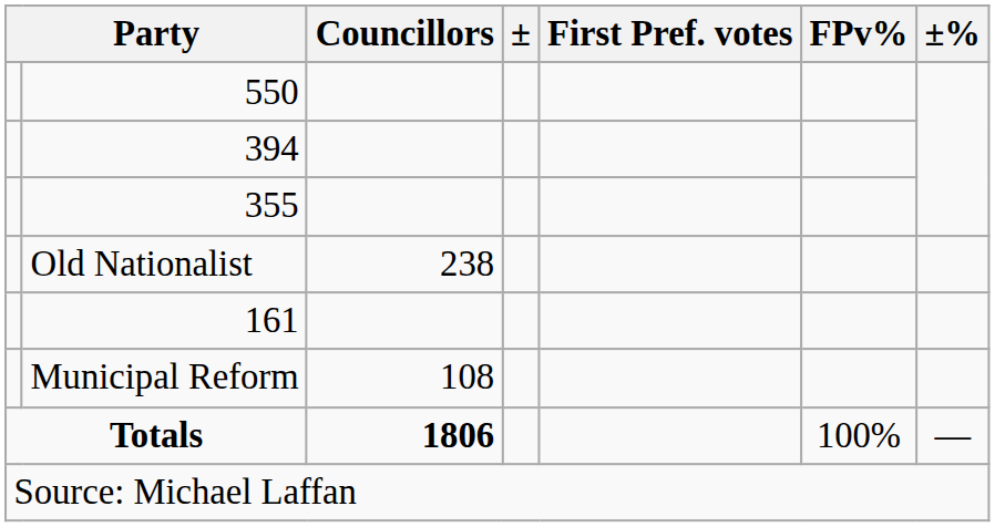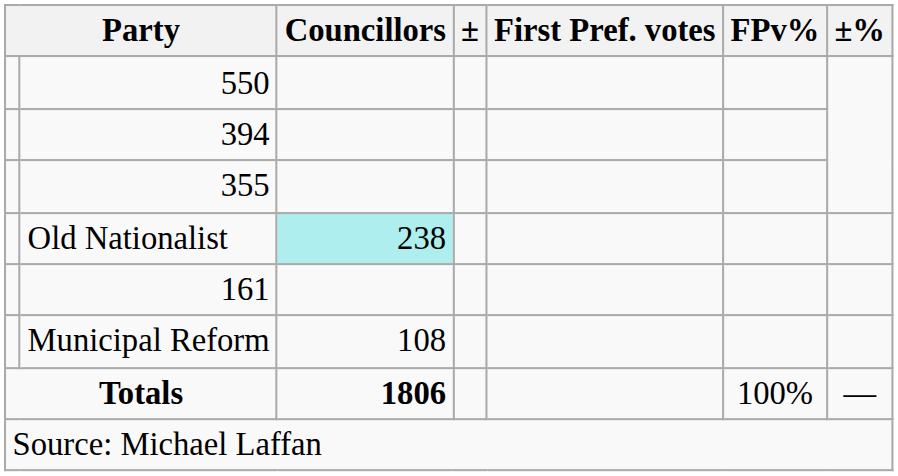 <table class=wikitable>
 <tr>
 <th colspan=2 align=center>Party</th>
 <th valign=top>Councillors</th>
 <th valign=top>±</th>
 <th valign=top>First Pref. votes</th>
 <th valign=top>FPv%</th>
 <th valign=top>±%</th>
 </tr>
 <tr>
 <td></td>
 <td align=right>550</td>
 <td align=right></td>
 <td align=right></td>
 <td align=right></td>
 <td align=right></td>
 </tr>
 <tr>
 <td></td>
 <td align=right>394</td>
 <td align=right></td>
 <td align=right></td>
 <td align=right></td>
 <td align=right></td>
 </tr>
 <tr>
 <td></td>
 <td align=right>355</td>
 <td align=right></td>
 <td align=right></td>
 <td align=right></td>
 <td align=right></td>
 </tr>
 <tr>
 <td></td>
 <td>Old Nationalist</td>
-<td align=right>238</td>
+<td align=right style="background: paleturquoise;">238</td>
 <td align=right></td>
 <td align=right></td>
 <td align=right></td>
 <td align=right></td>
 </tr>
 <tr>
 <td></td>
 <td align=right>161</td>
 <td align=right></td>
 <td align=right></td>
 <td align=right></td>
 <td align=right></td>
 </tr>
 <tr>
 <td></td>
 <td>Municipal Reform</td>
 <td align=right>108</td>
 <td align=right></td>
 <td align=right></td>
 <td align=right></td>
 <td align=right></td>
 </tr>
 <tr>
 <td colspan=2 align=center><strong>Totals</strong></td>
 <td align=right><strong>1806</strong></td>
 <td align=center></td>
 <td align=right></td>
 <td align=center>100%</td>
 <td align=center>—</td>
 </tr>
 <tr>
 <td colspan=7>Source: Michael Laffan</td>
 </tr>
 </table>
